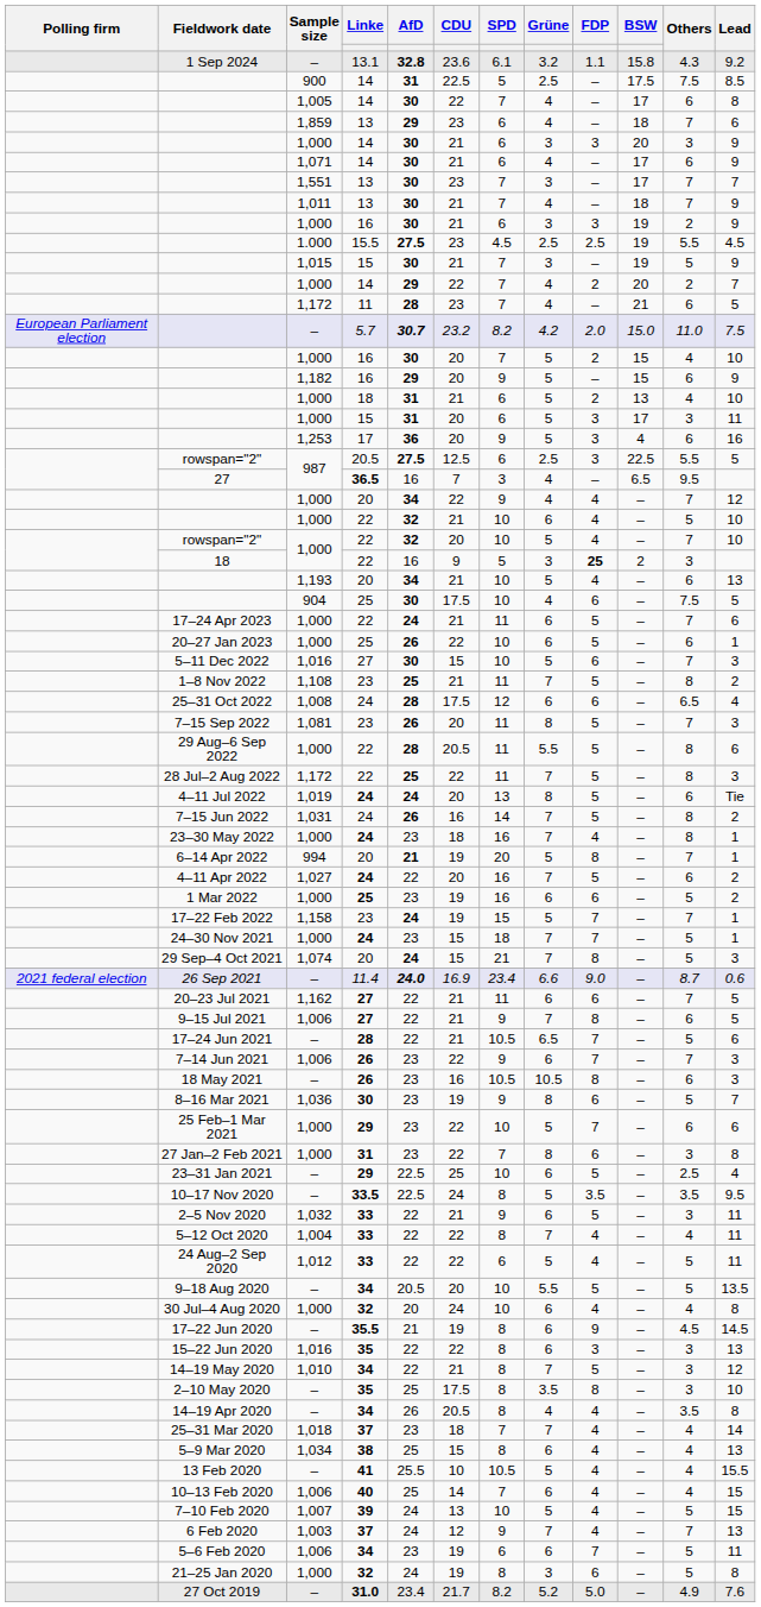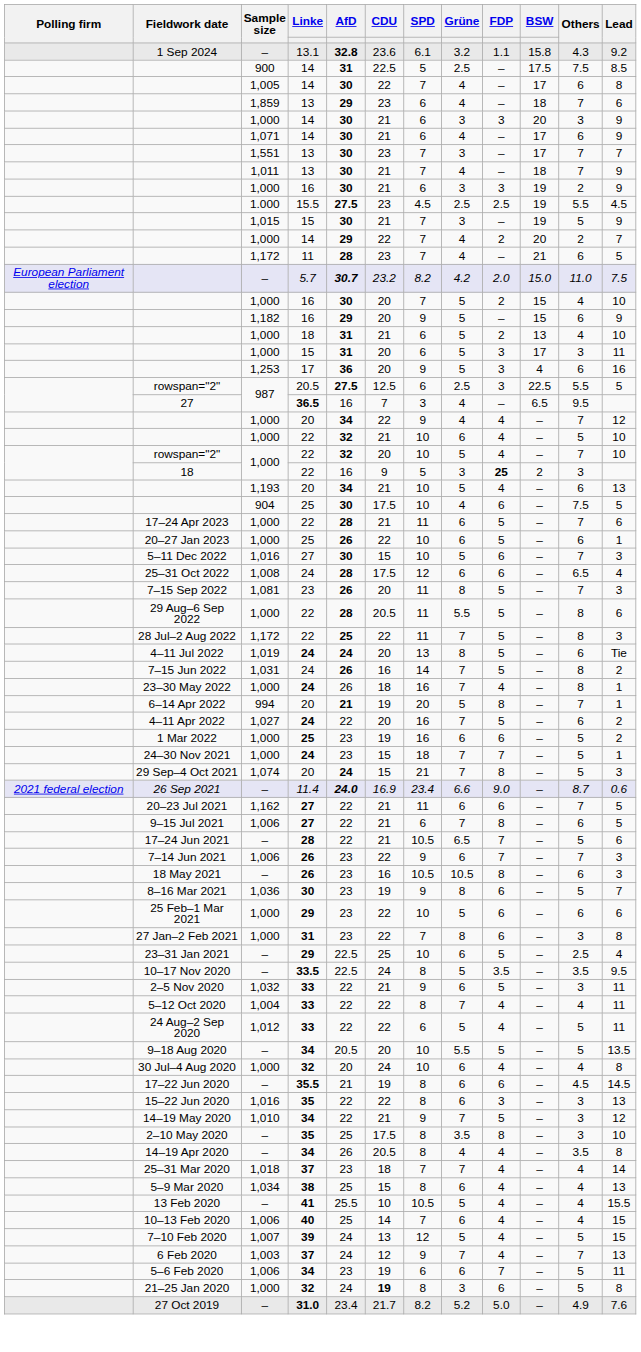 <table class="wikitable sortable" style="text-align:center;font-size:90%;line-height:14px;">
 <tr style="height:40px;">
 <th style="width:150px;" rowspan="2">Polling firm</th>
 <th style="width:125px;" rowspan="2">Fieldwork date</th>
 <th style="width:35px;" rowspan="2">Sample<br>size</th>
 <th class="unsortable" style="width:40px;"><a href='#'>Linke</a></th>
 <th class="unsortable" style="width:40px;"><a href='#'>AfD</a></th>
 <th class="unsortable" style="width:40px;"><a href='#'>CDU</a></th>
 <th class="unsortable" style="width:40px;"><a href='#'>SPD</a></th>
 <th class="unsortable" style="width:40px;"><a href='#'>Grüne</a></th>
 <th class="unsortable" style="width:40px;"><a href='#'>FDP</a></th>
 <th class="unsortable" style="width:40px;"><a href='#'>BSW</a></th>
 <th class="unsortable" style="width:40px;" rowspan="2">Others</th>
 <th style="width:30px;" rowspan="2">Lead</th>
 </tr>
 <tr>
 <th style="background:"></th>
 <th style="background:"></th>
 <th style="background:"></th>
 <th style="background:"></th>
 <th style="background:"></th>
 <th style="background:"></th>
 <th style="background:"></th>
 </tr>
 <tr style="background:#E9E9E9;">
 <td></td>
 <td data-sort-value="2024-09-01">1 Sep 2024</td>
 <td>–</td>
 <td>13.1</td>
 <td><strong>32.8</strong></td>
 <td>23.6</td>
 <td>6.1</td>
 <td>3.2</td>
 <td>1.1</td>
 <td>15.8</td>
 <td>4.3</td>
 <td style="background:">9.2</td>
 </tr>
 <tr>
 <td></td>
 <td></td>
 <td>900</td>
 <td>14</td>
 <td><strong>31</strong></td>
 <td>22.5</td>
 <td>5</td>
 <td>2.5</td>
 <td>–</td>
 <td>17.5</td>
 <td>7.5</td>
 <td style="background:">8.5</td>
 </tr>
 <tr>
 <td></td>
 <td></td>
 <td>1,005</td>
 <td>14</td>
 <td><strong>30</strong></td>
 <td>22</td>
 <td>7</td>
 <td>4</td>
 <td>–</td>
 <td>17</td>
 <td>6</td>
 <td style="background:">8</td>
 </tr>
 <tr>
 <td></td>
 <td></td>
 <td>1,859</td>
 <td>13</td>
 <td><strong>29</strong></td>
 <td>23</td>
 <td>6</td>
 <td>4</td>
 <td>–</td>
 <td>18</td>
 <td>7</td>
 <td style="background:">6</td>
 </tr>
 <tr>
 <td></td>
 <td></td>
 <td>1,000</td>
 <td>14</td>
 <td><strong>30</strong></td>
 <td>21</td>
 <td>6</td>
 <td>3</td>
 <td>3</td>
 <td>20</td>
 <td>3</td>
 <td style="background:">9</td>
 </tr>
 <tr>
 <td></td>
 <td></td>
 <td>1,071</td>
 <td>14</td>
 <td><strong>30</strong></td>
 <td>21</td>
 <td>6</td>
 <td>4</td>
 <td>–</td>
 <td>17</td>
 <td>6</td>
 <td style="background:">9</td>
 </tr>
 <tr>
 <td></td>
 <td></td>
 <td>1,551</td>
 <td>13</td>
 <td><strong>30</strong></td>
 <td>23</td>
 <td>7</td>
 <td>3</td>
 <td>–</td>
 <td>17</td>
 <td>7</td>
 <td style="background:">7</td>
 </tr>
 <tr>
 <td></td>
 <td></td>
 <td>1,011</td>
 <td>13</td>
 <td><strong>30</strong></td>
 <td>21</td>
 <td>7</td>
 <td>4</td>
 <td>–</td>
 <td>18</td>
 <td>7</td>
 <td style="background:">9</td>
 </tr>
 <tr>
 <td></td>
 <td></td>
 <td>1,000</td>
 <td>16</td>
 <td><strong>30</strong></td>
 <td>21</td>
 <td>6</td>
 <td>3</td>
 <td>3</td>
 <td>19</td>
 <td>2</td>
 <td style="background:">9</td>
 </tr>
 <tr>
 <td></td>
 <td></td>
 <td>1.000</td>
 <td>15.5</td>
 <td><strong>27.5</strong></td>
 <td>23</td>
 <td>4.5</td>
 <td>2.5</td>
 <td>2.5</td>
 <td>19</td>
 <td>5.5</td>
 <td style="background:">4.5</td>
 </tr>
 <tr>
 <td></td>
 <td></td>
 <td>1,015</td>
 <td>15</td>
 <td><strong>30</strong></td>
 <td>21</td>
 <td>7</td>
 <td>3</td>
 <td>–</td>
 <td>19</td>
 <td>5</td>
 <td style="background:">9</td>
 </tr>
 <tr>
 <td></td>
 <td></td>
 <td>1,000</td>
 <td>14</td>
 <td><strong>29</strong></td>
 <td>22</td>
 <td>7</td>
 <td>4</td>
 <td>2</td>
 <td>20</td>
 <td>2</td>
 <td style="background:">7</td>
 </tr>
 <tr>
 <td></td>
 <td></td>
 <td>1,172</td>
 <td>11</td>
 <td><strong>28</strong></td>
 <td>23</td>
 <td>7</td>
 <td>4</td>
 <td>–</td>
 <td>21</td>
 <td>6</td>
 <td style="background:">5</td>
 </tr>
 <tr style="background:#E5E5F5;font-style:italic;">
 <td><a href='#'>European Parliament election</a></td>
 <td></td>
 <td>–</td>
 <td>5.7</td>
 <td><strong>30.7</strong></td>
 <td>23.2</td>
 <td>8.2</td>
 <td>4.2</td>
 <td>2.0</td>
 <td>15.0</td>
 <td>11.0</td>
 <td style="background:">7.5</td>
 </tr>
 <tr>
 <td></td>
 <td></td>
 <td>1,000</td>
 <td>16</td>
 <td><strong>30</strong></td>
 <td>20</td>
 <td>7</td>
 <td>5</td>
 <td>2</td>
 <td>15</td>
 <td>4</td>
 <td style="background:">10</td>
 </tr>
 <tr>
 <td></td>
 <td></td>
 <td>1,182</td>
 <td>16</td>
 <td><strong>29</strong></td>
 <td>20</td>
 <td>9</td>
 <td>5</td>
 <td>–</td>
 <td>15</td>
 <td>6</td>
 <td style="background:">9</td>
 </tr>
 <tr>
 <td></td>
 <td></td>
 <td>1,000</td>
 <td>18</td>
 <td><strong>31</strong></td>
 <td>21</td>
 <td>6</td>
 <td>5</td>
 <td>2</td>
 <td>13</td>
 <td>4</td>
 <td style="background:">10</td>
 </tr>
 <tr>
 <td></td>
 <td></td>
 <td>1,000</td>
 <td>15</td>
 <td><strong>31</strong></td>
 <td>20</td>
 <td>6</td>
 <td>5</td>
 <td>3</td>
 <td>17</td>
 <td>3</td>
 <td style="background:">11</td>
 </tr>
 <tr>
 <td></td>
 <td></td>
 <td>1,253</td>
 <td>17</td>
 <td><strong>36</strong></td>
 <td>20</td>
 <td>9</td>
 <td>5</td>
 <td>3</td>
 <td>4</td>
 <td>6</td>
 <td style="background:">16</td>
 </tr>
 <tr>
 <td rowspan="2"></td>
 <td>rowspan="2" </td>
 <td rowspan="2">987</td>
 <td>20.5</td>
 <td><strong>27.5</strong></td>
 <td>12.5</td>
 <td>6</td>
 <td>2.5</td>
 <td>3</td>
 <td>22.5</td>
 <td>5.5</td>
 <td style="background:">5</td>
 </tr>
 <tr>
 <td>27</td>
 <td><strong>36.5</strong></td>
 <td>16</td>
 <td>7</td>
 <td>3</td>
 <td>4</td>
 <td>–</td>
 <td>6.5</td>
 <td style="background:">9.5</td>
 </tr>
 <tr>
 <td></td>
 <td></td>
 <td>1,000</td>
 <td>20</td>
 <td><strong>34</strong></td>
 <td>22</td>
 <td>9</td>
 <td>4</td>
 <td>4</td>
 <td>–</td>
 <td>7</td>
 <td style="background:">12</td>
 </tr>
 <tr>
 <td></td>
 <td></td>
 <td>1,000</td>
 <td>22</td>
 <td><strong>32</strong></td>
 <td>21</td>
 <td>10</td>
 <td>6</td>
 <td>4</td>
 <td>–</td>
 <td>5</td>
 <td style="background:">10</td>
 </tr>
 <tr>
 <td rowspan="2"></td>
 <td>rowspan="2" </td>
 <td rowspan="2">1,000</td>
 <td>22</td>
 <td><strong>32</strong></td>
 <td>20</td>
 <td>10</td>
 <td>5</td>
 <td>4</td>
 <td>–</td>
 <td>7</td>
 <td style="background:">10</td>
 </tr>
 <tr>
 <td>18</td>
 <td>22</td>
 <td>16</td>
 <td>9</td>
 <td>5</td>
 <td>3</td>
 <td><strong>25</strong></td>
 <td>2</td>
 <td style="background:">3</td>
 </tr>
 <tr>
 <td></td>
 <td></td>
 <td>1,193</td>
 <td>20</td>
 <td><strong>34</strong></td>
 <td>21</td>
 <td>10</td>
 <td>5</td>
 <td>4</td>
 <td>–</td>
 <td>6</td>
 <td style="background:">13</td>
 </tr>
 <tr>
 <td></td>
 <td></td>
 <td>904</td>
 <td>25</td>
 <td><strong>30</strong></td>
 <td>17.5</td>
 <td>10</td>
 <td>4</td>
 <td>6</td>
 <td>–</td>
 <td>7.5</td>
 <td style="background:">5</td>
 </tr>
 <tr>
 <td></td>
 <td data-sort-value="2023-04-24">17–24 Apr 2023</td>
 <td>1,000</td>
 <td>22</td>
-<td><strong>24</strong></td>
+<td><strong>28</strong></td>
 <td>21</td>
 <td>11</td>
 <td>6</td>
 <td>5</td>
 <td>–</td>
 <td>7</td>
 <td style="background:">6</td>
 </tr>
 <tr>
 <td></td>
 <td data-sort-value="2023-01-27">20–27 Jan 2023</td>
 <td>1,000</td>
 <td>25</td>
 <td><strong>26</strong></td>
 <td>22</td>
 <td>10</td>
 <td>6</td>
 <td>5</td>
 <td>–</td>
 <td>6</td>
 <td style="background:">1</td>
 </tr>
 <tr>
 <td></td>
 <td data-sort-value="2022-12-11">5–11 Dec 2022</td>
 <td>1,016</td>
 <td>27</td>
 <td><strong>30</strong></td>
 <td>15</td>
 <td>10</td>
 <td>5</td>
 <td>6</td>
 <td>–</td>
 <td>7</td>
 <td style="background:">3</td>
-</tr>
-<tr>
-<td></td>
-<td data-sort-value="2022-11-08">1–8 Nov 2022</td>
-<td>1,108</td>
-<td>23</td>
-<td><strong>25</strong></td>
-<td>21</td>
-<td>11</td>
-<td>7</td>
-<td>5</td>
-<td>–</td>
-<td>8</td>
-<td style="background:">2</td>
 </tr>
 <tr>
 <td></td>
 <td data-sort-value="2022-10-31">25–31 Oct 2022</td>
 <td>1,008</td>
 <td>24</td>
 <td><strong>28</strong></td>
 <td>17.5</td>
 <td>12</td>
 <td>6</td>
 <td>6</td>
 <td>–</td>
 <td>6.5</td>
 <td style="background:">4</td>
 </tr>
 <tr>
 <td></td>
 <td data-sort-value="2022-09-15">7–15 Sep 2022</td>
 <td>1,081</td>
 <td>23</td>
 <td><strong>26</strong></td>
 <td>20</td>
 <td>11</td>
 <td>8</td>
 <td>5</td>
 <td>–</td>
 <td>7</td>
 <td style="background:">3</td>
 </tr>
 <tr>
 <td></td>
 <td data-sort-value="2022-09-06">29 Aug–6 Sep 2022</td>
 <td>1,000</td>
 <td>22</td>
 <td><strong>28</strong></td>
 <td>20.5</td>
 <td>11</td>
 <td>5.5</td>
 <td>5</td>
 <td>–</td>
 <td>8</td>
 <td style="background:">6</td>
 </tr>
 <tr>
 <td></td>
 <td data-sort-value="2022-08-02">28 Jul–2 Aug 2022</td>
 <td>1,172</td>
 <td>22</td>
 <td><strong>25</strong></td>
 <td>22</td>
 <td>11</td>
 <td>7</td>
 <td>5</td>
 <td>–</td>
 <td>8</td>
 <td style="background:">3</td>
 </tr>
 <tr>
 <td></td>
 <td data-sort-value="2022-07-11">4–11 Jul 2022</td>
 <td>1,019</td>
 <td><strong>24</strong></td>
 <td><strong>24</strong></td>
 <td>20</td>
 <td>13</td>
 <td>8</td>
 <td>5</td>
 <td>–</td>
 <td>6</td>
 <td>Tie</td>
 </tr>
 <tr>
 <td></td>
 <td data-sort-value="2022-06-15">7–15 Jun 2022</td>
 <td>1,031</td>
 <td>24</td>
 <td><strong>26</strong></td>
 <td>16</td>
 <td>14</td>
 <td>7</td>
 <td>5</td>
 <td>–</td>
 <td>8</td>
 <td style="background:">2</td>
 </tr>
 <tr>
 <td></td>
 <td data-sort-value="2022-05-30">23–30 May 2022</td>
 <td>1,000</td>
 <td><strong>24</strong></td>
-<td>23</td>
+<td>26</td>
 <td>18</td>
 <td>16</td>
 <td>7</td>
 <td>4</td>
 <td>–</td>
 <td>8</td>
 <td style="background:">1</td>
 </tr>
 <tr>
 <td></td>
 <td data-sort-value="2022-04-14">6–14 Apr 2022</td>
 <td>994</td>
 <td>20</td>
 <td><strong>21</strong></td>
 <td>19</td>
 <td>20</td>
 <td>5</td>
 <td>8</td>
 <td>–</td>
 <td>7</td>
 <td style="background:">1</td>
 </tr>
 <tr>
 <td></td>
 <td data-sort-value="2022-04-11">4–11 Apr 2022</td>
 <td>1,027</td>
 <td><strong>24</strong></td>
 <td>22</td>
 <td>20</td>
 <td>16</td>
 <td>7</td>
 <td>5</td>
 <td>–</td>
 <td>6</td>
 <td style="background:">2</td>
 </tr>
 <tr>
 <td></td>
 <td data-sort-value="2022-03-01">1 Mar 2022</td>
 <td>1,000</td>
 <td><strong>25</strong></td>
 <td>23</td>
 <td>19</td>
 <td>16</td>
 <td>6</td>
 <td>6</td>
 <td>–</td>
 <td>5</td>
 <td style="background:">2</td>
-</tr>
-<tr>
-<td></td>
-<td data-sort-value="2022-02-22">17–22 Feb 2022</td>
-<td>1,158</td>
-<td>23</td>
-<td><strong>24</strong></td>
-<td>19</td>
-<td>15</td>
-<td>5</td>
-<td>7</td>
-<td>–</td>
-<td>7</td>
-<td style="background:">1</td>
 </tr>
 <tr>
 <td></td>
 <td data-sort-value="2021-12-02">24–30 Nov 2021</td>
 <td>1,000</td>
 <td><strong>24</strong></td>
 <td>23</td>
 <td>15</td>
 <td>18</td>
 <td>7</td>
 <td>7</td>
 <td>–</td>
 <td>5</td>
 <td style="background:">1</td>
 </tr>
 <tr>
 <td></td>
 <td data-sort-value="2021-10-04">29 Sep–4 Oct 2021</td>
 <td>1,074</td>
 <td>20</td>
 <td><strong>24</strong></td>
 <td>15</td>
 <td>21</td>
 <td>7</td>
 <td>8</td>
 <td>–</td>
 <td>5</td>
 <td style="background:">3</td>
 </tr>
 <tr style="background:#E5E5F5;font-style:italic;">
 <td><a href='#'>2021 federal election</a></td>
 <td data-sort-value="2021-09-26">26 Sep 2021</td>
 <td>–</td>
 <td>11.4</td>
 <td><strong>24.0</strong></td>
 <td>16.9</td>
 <td>23.4</td>
 <td>6.6</td>
 <td>9.0</td>
 <td>–</td>
 <td>8.7</td>
 <td style="background:">0.6</td>
 </tr>
 <tr>
 <td></td>
 <td data-sort-value="2021-07-27">20–23 Jul 2021</td>
 <td>1,162</td>
 <td><strong>27</strong></td>
 <td>22</td>
 <td>21</td>
 <td>11</td>
 <td>6</td>
 <td>6</td>
 <td>–</td>
 <td>7</td>
 <td style="background:">5</td>
 </tr>
 <tr>
 <td></td>
 <td data-sort-value="2021-07-16">9–15 Jul 2021</td>
 <td>1,006</td>
 <td><strong>27</strong></td>
 <td>22</td>
 <td>21</td>
-<td>9</td>
+<td>6</td>
 <td>7</td>
 <td>8</td>
 <td>–</td>
 <td>6</td>
 <td style="background:">5</td>
 </tr>
 <tr>
 <td></td>
 <td data-sort-value="2021-06-24">17–24 Jun 2021</td>
 <td>–</td>
 <td><strong>28</strong></td>
 <td>22</td>
 <td>21</td>
 <td>10.5</td>
 <td>6.5</td>
 <td>7</td>
 <td>–</td>
 <td>5</td>
 <td style="background:">6</td>
 </tr>
 <tr>
 <td></td>
 <td data-sort-value="2021-06-17">7–14 Jun 2021</td>
 <td>1,006</td>
 <td><strong>26</strong></td>
 <td>23</td>
 <td>22</td>
 <td>9</td>
 <td>6</td>
 <td>7</td>
 <td>–</td>
 <td>7</td>
 <td style="background:">3</td>
 </tr>
 <tr>
 <td></td>
 <td data-sort-value="2021-05-18">18 May 2021</td>
 <td>–</td>
 <td><strong>26</strong></td>
 <td>23</td>
 <td>16</td>
 <td>10.5</td>
 <td>10.5</td>
 <td>8</td>
 <td>–</td>
 <td>6</td>
 <td style="background:">3</td>
 </tr>
 <tr>
 <td></td>
 <td data-sort-value="2021-03-18">8–16 Mar 2021</td>
 <td>1,036</td>
 <td><strong>30</strong></td>
 <td>23</td>
 <td>19</td>
 <td>9</td>
 <td>8</td>
 <td>6</td>
 <td>–</td>
 <td>5</td>
 <td style="background:">7</td>
 </tr>
 <tr>
 <td></td>
 <td data-sort-value="2021-03-02">25 Feb–1 Mar 2021</td>
 <td>1,000</td>
 <td><strong>29</strong></td>
 <td>23</td>
 <td>22</td>
 <td>10</td>
 <td>5</td>
-<td>7</td>
+<td>6</td>
 <td>–</td>
 <td>6</td>
 <td style="background:">6</td>
 </tr>
 <tr>
 <td></td>
 <td data-sort-value="2021-02-04">27 Jan–2 Feb 2021</td>
 <td>1,000</td>
 <td><strong>31</strong></td>
 <td>23</td>
 <td>22</td>
 <td>7</td>
 <td>8</td>
 <td>6</td>
 <td>–</td>
 <td>3</td>
 <td style="background:">8</td>
 </tr>
 <tr>
 <td></td>
 <td data-sort-value="2021-01-31">23–31 Jan 2021</td>
 <td>–</td>
 <td><strong>29</strong></td>
 <td>22.5</td>
 <td>25</td>
 <td>10</td>
 <td>6</td>
 <td>5</td>
 <td>–</td>
 <td>2.5</td>
 <td style="background:">4</td>
 </tr>
 <tr>
 <td></td>
 <td data-sort-value="2020-11-17">10–17 Nov 2020</td>
 <td>–</td>
 <td><strong>33.5</strong></td>
 <td>22.5</td>
 <td>24</td>
 <td>8</td>
 <td>5</td>
 <td>3.5</td>
 <td>–</td>
 <td>3.5</td>
 <td style="background:">9.5</td>
 </tr>
 <tr>
 <td></td>
 <td data-sort-value="2020-11-06">2–5 Nov 2020</td>
 <td>1,032</td>
 <td><strong>33</strong></td>
 <td>22</td>
 <td>21</td>
 <td>9</td>
 <td>6</td>
 <td>5</td>
 <td>–</td>
 <td>3</td>
 <td style="background:">11</td>
 </tr>
 <tr>
 <td></td>
 <td data-sort-value="2020-10-15">5–12 Oct 2020</td>
 <td>1,004</td>
 <td><strong>33</strong></td>
 <td>22</td>
 <td>22</td>
 <td>8</td>
 <td>7</td>
 <td>4</td>
 <td>–</td>
 <td>4</td>
 <td style="background:">11</td>
 </tr>
 <tr>
 <td></td>
 <td data-sort-value="2020-09-04">24 Aug–2 Sep 2020</td>
 <td>1,012</td>
 <td><strong>33</strong></td>
 <td>22</td>
 <td>22</td>
 <td>6</td>
 <td>5</td>
 <td>4</td>
 <td>–</td>
 <td>5</td>
 <td style="background:">11</td>
 </tr>
 <tr>
 <td></td>
 <td data-sort-value="2020-08-18">9–18 Aug 2020</td>
 <td>–</td>
 <td><strong>34</strong></td>
 <td>20.5</td>
 <td>20</td>
 <td>10</td>
 <td>5.5</td>
 <td>5</td>
 <td>–</td>
 <td>5</td>
 <td style="background:">13.5</td>
 </tr>
 <tr>
 <td></td>
 <td data-sort-value="2020-08-04">30 Jul–4 Aug 2020</td>
 <td>1,000</td>
 <td><strong>32</strong></td>
 <td>20</td>
 <td>24</td>
 <td>10</td>
 <td>6</td>
 <td>4</td>
 <td>–</td>
 <td>4</td>
 <td style="background:">8</td>
 </tr>
 <tr>
 <td></td>
 <td data-sort-value="2020-06-22">17–22 Jun 2020</td>
 <td>–</td>
 <td><strong>35.5</strong></td>
 <td>21</td>
 <td>19</td>
 <td>8</td>
 <td>6</td>
-<td>9</td>
+<td>6</td>
 <td>–</td>
 <td>4.5</td>
 <td style="background:">14.5</td>
 </tr>
 <tr>
 <td></td>
 <td data-sort-value="2020-06-25">15–22 Jun 2020</td>
 <td>1,016</td>
 <td><strong>35</strong></td>
 <td>22</td>
 <td>22</td>
 <td>8</td>
 <td>6</td>
 <td>3</td>
 <td>–</td>
 <td>3</td>
 <td style="background:">13</td>
 </tr>
 <tr>
 <td></td>
 <td data-sort-value="2020-05-19">14–19 May 2020</td>
 <td>1,010</td>
 <td><strong>34</strong></td>
 <td>22</td>
 <td>21</td>
-<td>8</td>
+<td>9</td>
 <td>7</td>
 <td>5</td>
 <td>–</td>
 <td>3</td>
 <td style="background:">12</td>
 </tr>
 <tr>
 <td></td>
 <td data-sort-value="2020-05-10">2–10 May 2020</td>
 <td>–</td>
 <td><strong>35</strong></td>
 <td>25</td>
 <td>17.5</td>
 <td>8</td>
 <td>3.5</td>
 <td>8</td>
 <td>–</td>
 <td>3</td>
 <td style="background:">10</td>
 </tr>
 <tr>
 <td></td>
 <td data-sort-value="2020-04-19">14–19 Apr 2020</td>
 <td>–</td>
 <td><strong>34</strong></td>
 <td>26</td>
 <td>20.5</td>
 <td>8</td>
 <td>4</td>
 <td>4</td>
 <td>–</td>
 <td>3.5</td>
 <td style="background:">8</td>
 </tr>
 <tr>
 <td></td>
 <td data-sort-value="2020-03-31">25–31 Mar 2020</td>
 <td>1,018</td>
 <td><strong>37</strong></td>
 <td>23</td>
 <td>18</td>
 <td>7</td>
 <td>7</td>
 <td>4</td>
 <td>–</td>
 <td>4</td>
 <td style="background:">14</td>
 </tr>
 <tr>
 <td></td>
 <td data-sort-value="2020-03-09">5–9 Mar 2020</td>
 <td>1,034</td>
 <td><strong>38</strong></td>
 <td>25</td>
 <td>15</td>
 <td>8</td>
 <td>6</td>
 <td>4</td>
 <td>–</td>
 <td>4</td>
 <td style="background:">13</td>
 </tr>
 <tr>
 <td></td>
 <td data-sort-value="2020-02-13">13 Feb 2020</td>
 <td>–</td>
 <td><strong>41</strong></td>
 <td>25.5</td>
 <td>10</td>
 <td>10.5</td>
 <td>5</td>
 <td>4</td>
 <td>–</td>
 <td>4</td>
 <td style="background:">15.5</td>
 </tr>
 <tr>
 <td></td>
 <td data-sort-value="2020-02-13">10–13 Feb 2020</td>
 <td>1,006</td>
 <td><strong>40</strong></td>
 <td>25</td>
 <td>14</td>
 <td>7</td>
 <td>6</td>
 <td>4</td>
 <td>–</td>
 <td>4</td>
 <td style="background:">15</td>
 </tr>
 <tr>
 <td></td>
 <td data-sort-value="2020-02-10">7–10 Feb 2020</td>
 <td>1,007</td>
 <td><strong>39</strong></td>
 <td>24</td>
 <td>13</td>
-<td>10</td>
+<td>12</td>
 <td>5</td>
 <td>4</td>
 <td>–</td>
 <td>5</td>
 <td style="background:">15</td>
 </tr>
 <tr>
 <td></td>
 <td data-sort-value="2020-02-07">6 Feb 2020</td>
 <td>1,003</td>
 <td><strong>37</strong></td>
 <td>24</td>
 <td>12</td>
 <td>9</td>
 <td>7</td>
 <td>4</td>
 <td>–</td>
 <td>7</td>
 <td style="background:">13</td>
 </tr>
 <tr>
 <td></td>
 <td data-sort-value="2020-02-06">5–6 Feb 2020</td>
 <td>1,006</td>
 <td><strong>34</strong></td>
 <td>23</td>
 <td>19</td>
 <td>6</td>
 <td>6</td>
 <td>7</td>
 <td>–</td>
 <td>5</td>
 <td style="background:">11</td>
 </tr>
 <tr>
 <td></td>
 <td data-sort-value="2020-01-25">21–25 Jan 2020</td>
 <td>1,000</td>
 <td><strong>32</strong></td>
 <td>24</td>
-<td>19</td>
+<td><strong>19</strong></td>
 <td>8</td>
 <td>3</td>
 <td>6</td>
 <td>–</td>
 <td>5</td>
 <td style="background:">8</td>
 </tr>
 <tr style="background:#E9E9E9;">
 <td></td>
 <td data-sort-value="2019-10-27">27 Oct 2019</td>
 <td>–</td>
 <td><strong>31.0</strong></td>
 <td>23.4</td>
 <td>21.7</td>
 <td>8.2</td>
 <td>5.2</td>
 <td>5.0</td>
 <td>–</td>
 <td>4.9</td>
 <td style="background:">7.6</td>
 </tr>
 </table>
